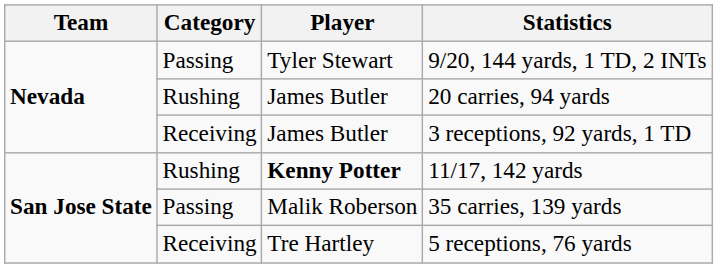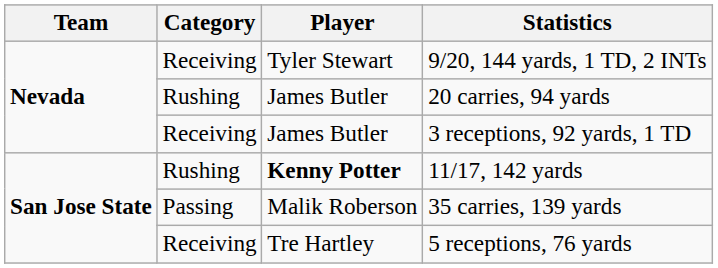 <table class="wikitable" style="float: left;">
 <tr>
 <th>Team</th>
 <th>Category</th>
 <th>Player</th>
 <th>Statistics</th>
 </tr>
 <tr>
 <td rowspan=3><strong>Nevada</strong></td>
-<td>Passing</td>
+<td>Receiving</td>
 <td>Tyler Stewart</td>
 <td>9/20, 144 yards, 1 TD, 2 INTs</td>
 </tr>
 <tr>
 <td>Rushing</td>
 <td>James Butler</td>
 <td>20 carries, 94 yards</td>
 </tr>
 <tr>
 <td>Receiving</td>
 <td>James Butler</td>
 <td>3 receptions, 92 yards, 1 TD</td>
 </tr>
 <tr>
 <td rowspan=3><strong>San Jose State</strong></td>
 <td>Rushing</td>
 <td><strong>Kenny Potter</strong></td>
 <td>11/17, 142 yards</td>
 </tr>
 <tr>
 <td>Passing</td>
 <td>Malik Roberson</td>
 <td>35 carries, 139 yards</td>
 </tr>
 <tr>
 <td>Receiving</td>
 <td>Tre Hartley</td>
 <td>5 receptions, 76 yards</td>
 </tr>
 </table>
